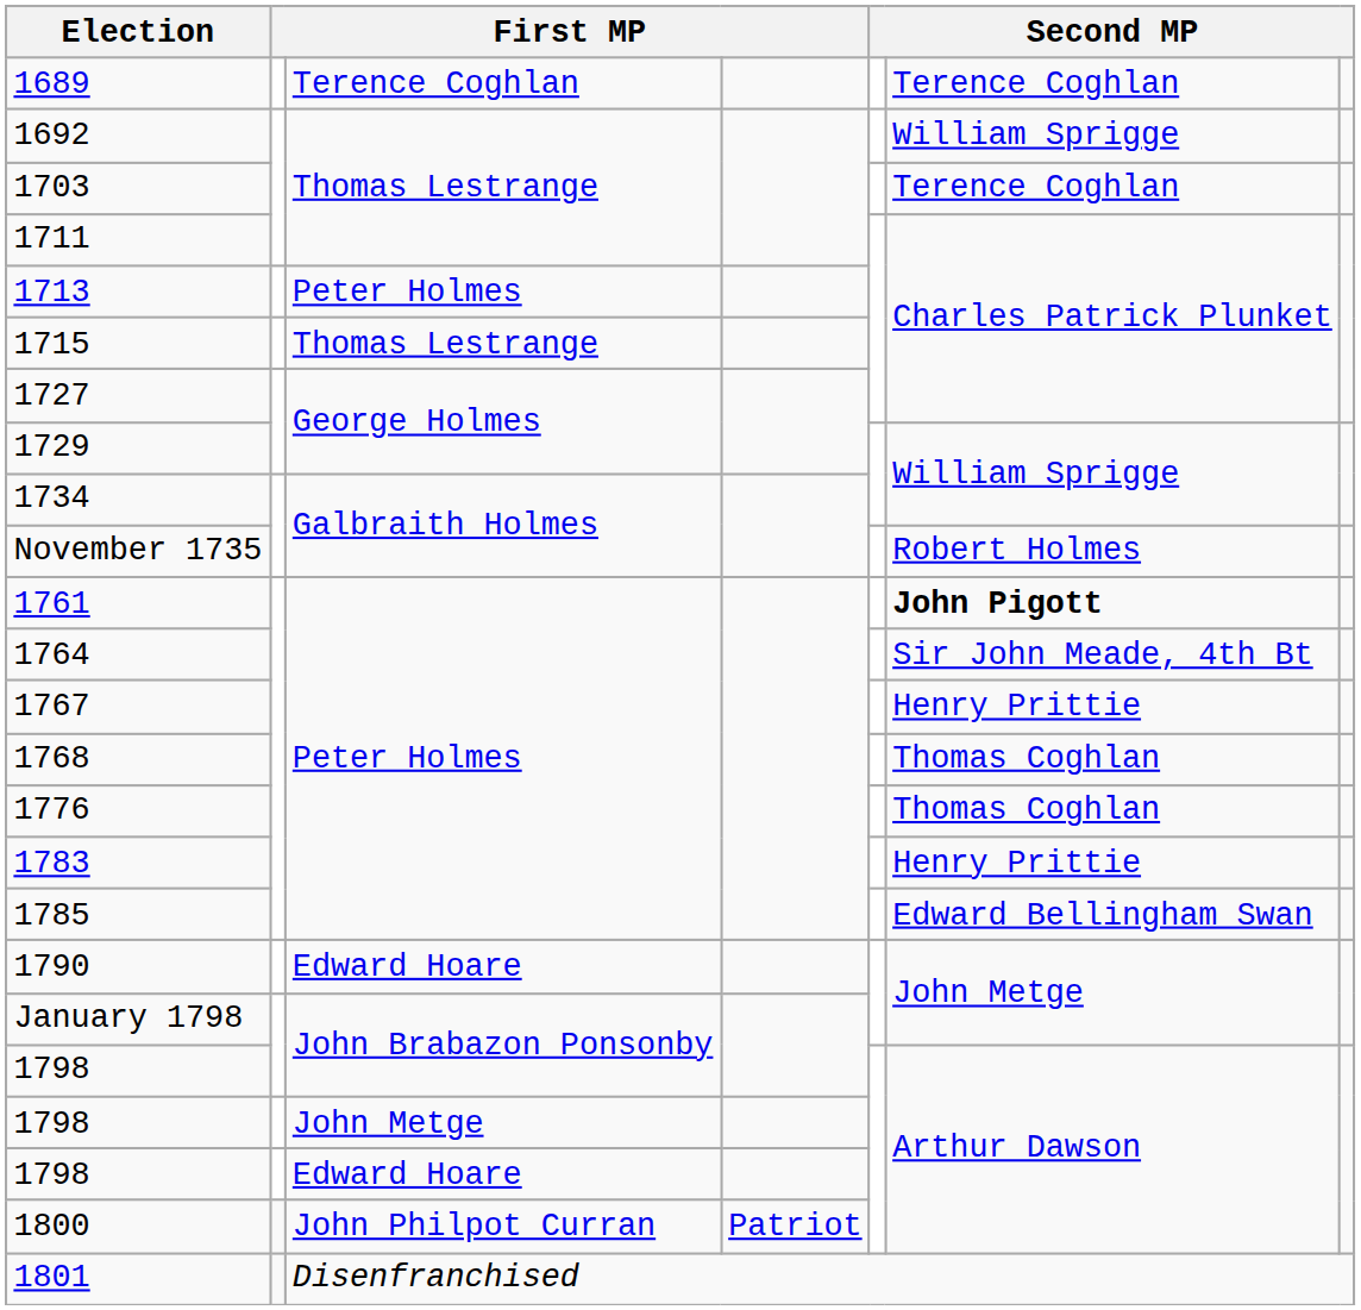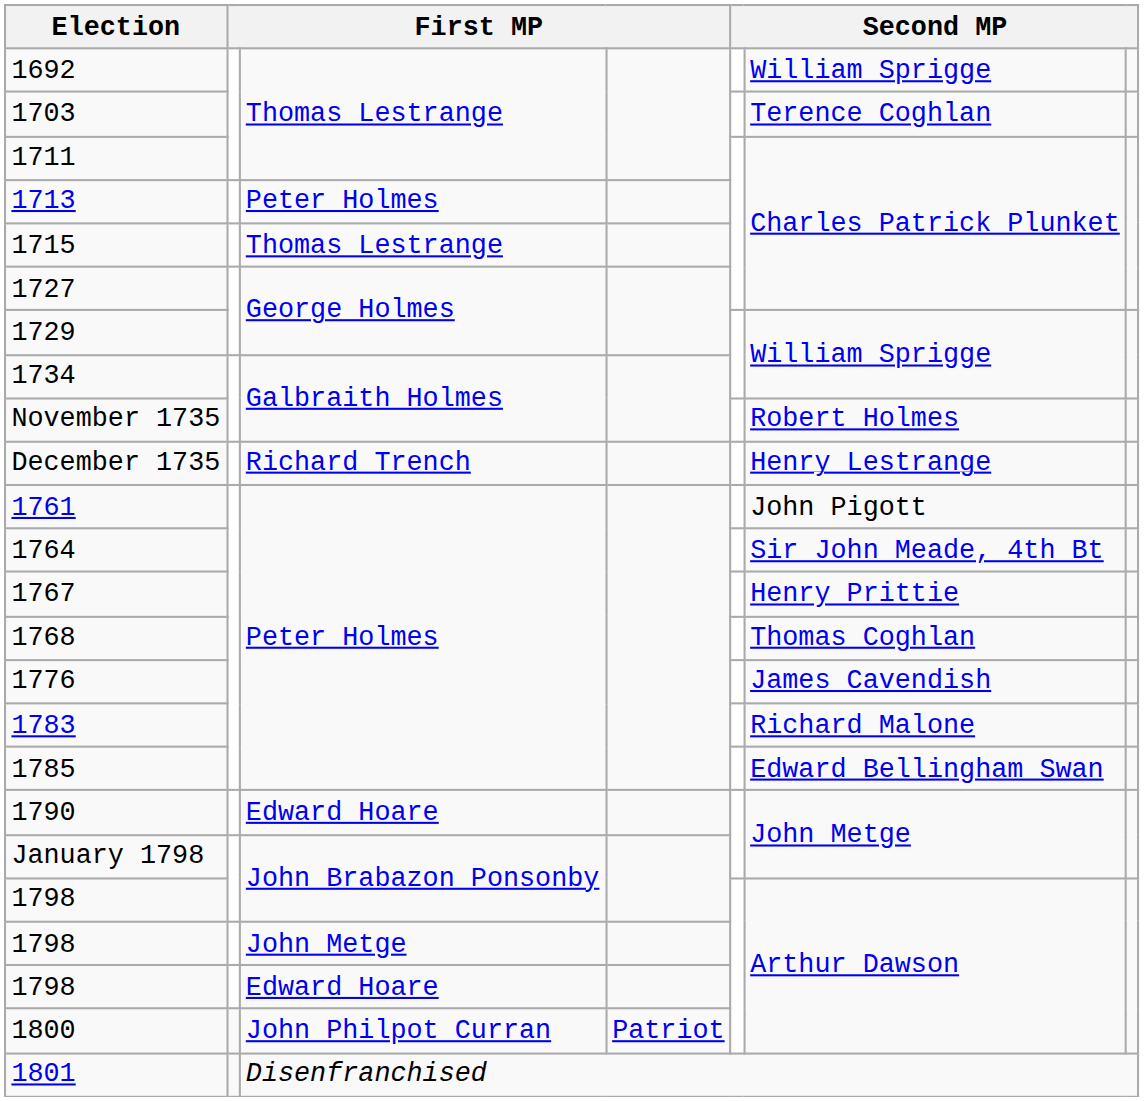 <table class="wikitable">
 <tr>
 <th>Election</th>
 <th colspan=3>First MP</th>
 <th colspan=3>Second MP</th>
-</tr>
-<tr>
-<td><a href='#'>1689</a></td>
-<td style="background-color: white"></td>
-<td><a href='#'>Terence Coghlan</a></td>
-<td></td>
-<td style="background-color: white"></td>
-<td><a href='#'>Terence Coghlan</a></td>
-<td></td>
 </tr>
 <tr>
 <td>1692</td>
 <td rowspan="3" style="background-color: white"></td>
 <td rowspan="3"><a href='#'>Thomas Lestrange</a></td>
 <td rowspan="3"></td>
 <td style="background-color: white"></td>
 <td><a href='#'>William Sprigge</a></td>
 <td></td>
 </tr>
 <tr>
 <td>1703</td>
 <td style="background-color: white"></td>
 <td><a href='#'>Terence Coghlan</a></td>
 <td></td>
 </tr>
 <tr>
 <td>1711</td>
 <td rowspan="4" style="background-color: white"></td>
 <td rowspan="4"><a href='#'>Charles Patrick Plunket</a></td>
 <td rowspan="4"></td>
 </tr>
 <tr>
 <td><a href='#'>1713</a></td>
 <td style="background-color: white"></td>
 <td><a href='#'>Peter Holmes</a></td>
 <td></td>
 </tr>
 <tr>
 <td>1715</td>
 <td style="background-color: white"></td>
 <td><a href='#'>Thomas Lestrange</a></td>
 <td></td>
 </tr>
 <tr>
 <td>1727</td>
 <td rowspan="2" style="background-color: white"></td>
 <td rowspan="2"><a href='#'>George Holmes</a></td>
 <td rowspan="2"></td>
 </tr>
 <tr>
 <td>1729</td>
 <td rowspan="2" style="background-color: white"></td>
 <td rowspan="2"><a href='#'>William Sprigge</a></td>
 <td rowspan="2"></td>
 </tr>
 <tr>
 <td>1734</td>
 <td rowspan="2" style="background-color: white"></td>
 <td rowspan="2"><a href='#'>Galbraith Holmes</a></td>
 <td rowspan="2"></td>
 </tr>
 <tr>
 <td>November 1735</td>
 <td style="background-color: white"></td>
 <td><a href='#'>Robert Holmes</a></td>
 <td></td>
 </tr>
 <tr>
+<td>December 1735</td>
+<td style="background-color: white"></td>
+<td><a href='#'>Richard Trench</a></td>
+<td></td>
+<td style="background-color: white"></td>
+<td><a href='#'>Henry Lestrange</a></td>
+<td></td>
+</tr>
+<tr>
 <td><a href='#'>1761</a></td>
 <td rowspan="7" style="background-color: white"></td>
 <td rowspan="7"><a href='#'>Peter Holmes</a></td>
 <td rowspan="7"></td>
 <td style="background-color: white"></td>
-<td><strong>John Pigott</strong></td>
+<td>John Pigott</td>
 <td></td>
 </tr>
 <tr>
 <td>1764</td>
 <td style="background-color: white"></td>
 <td><a href='#'>Sir John Meade, 4th Bt</a></td>
 <td></td>
 </tr>
 <tr>
 <td>1767</td>
 <td style="background-color: white"></td>
 <td><a href='#'>Henry Prittie</a></td>
 <td></td>
 </tr>
 <tr>
 <td>1768</td>
 <td style="background-color: white"></td>
 <td><a href='#'>Thomas Coghlan</a></td>
 <td></td>
 </tr>
 <tr>
 <td>1776</td>
 <td style="background-color: white"></td>
-<td><a href='#'>Thomas Coghlan</a></td>
+<td><a href='#'>James Cavendish</a></td>
 <td></td>
 </tr>
 <tr>
 <td><a href='#'>1783</a></td>
 <td style="background-color: white"></td>
-<td><a href='#'>Henry Prittie</a></td>
+<td><a href='#'>Richard Malone</a></td>
 <td></td>
 </tr>
 <tr>
 <td>1785</td>
 <td style="background-color: white"></td>
 <td><a href='#'>Edward Bellingham Swan</a></td>
 <td></td>
 </tr>
 <tr>
 <td>1790</td>
 <td style="background-color: white"></td>
 <td><a href='#'>Edward Hoare</a></td>
 <td></td>
 <td rowspan="2" style="background-color: white"></td>
 <td rowspan="2"><a href='#'>John Metge</a></td>
 <td rowspan="2"></td>
 </tr>
 <tr>
 <td>January 1798</td>
 <td rowspan="2" style="background-color: white"></td>
 <td rowspan="2"><a href='#'>John Brabazon Ponsonby</a></td>
 <td rowspan="2"></td>
 </tr>
 <tr>
 <td>1798</td>
 <td rowspan="4" style="background-color: white"></td>
 <td rowspan="4"><a href='#'>Arthur Dawson</a></td>
 <td rowspan="4"></td>
 </tr>
 <tr>
 <td>1798</td>
 <td style="background-color: white"></td>
 <td><a href='#'>John Metge</a></td>
 <td></td>
 </tr>
 <tr>
 <td>1798</td>
 <td style="background-color: white"></td>
 <td><a href='#'>Edward Hoare</a></td>
 <td></td>
 </tr>
 <tr>
 <td>1800</td>
 <td style="background-color: "></td>
 <td><a href='#'>John Philpot Curran</a></td>
 <td><a href='#'>Patriot</a></td>
 </tr>
 <tr>
 <td><a href='#'>1801</a></td>
 <td></td>
 <td colspan="5"><em>Disenfranchised</em></td>
 </tr>
 </table>
